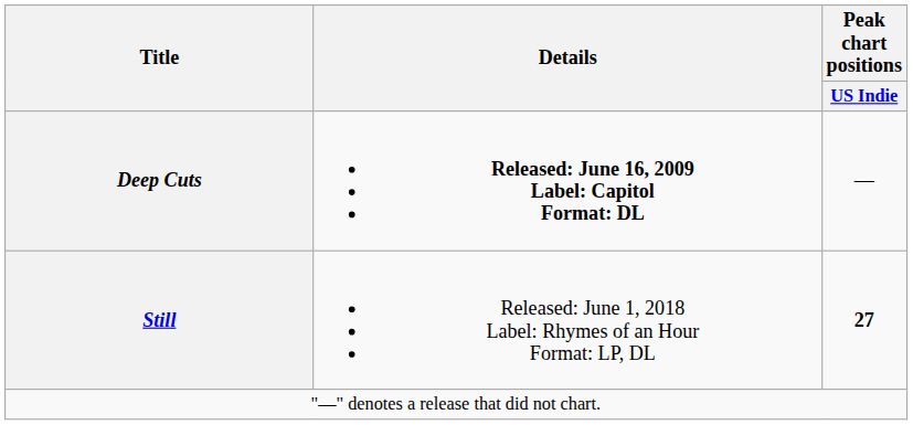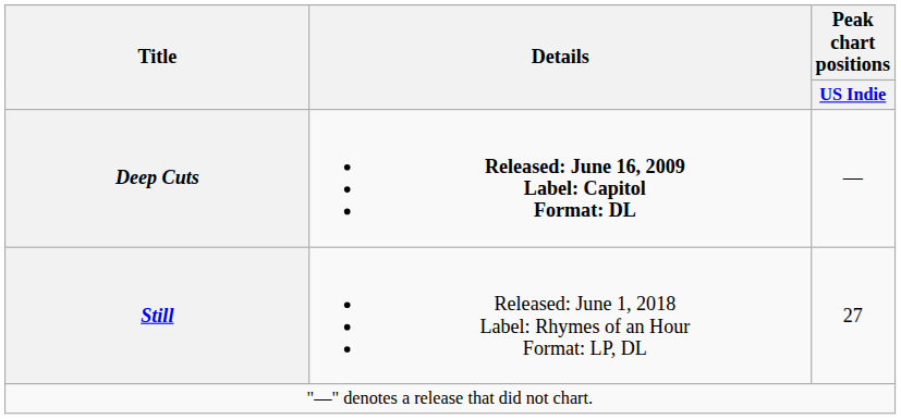 <table class="wikitable plainrowheaders" style="text-align:center;" border="1">
 <tr>
 <th scope="col" rowspan="2" style="width:15em;">Title</th>
 <th scope="col" rowspan="2" style="width:25em;">Details</th>
 <th scope="col" colspan="1" style="width:1em;">Peak chart<br>positions</th>
 </tr>
 <tr>
 <th scope="col" style="width:3em;font-size:90%;"><a href='#'>US Indie</a><br></th>
 </tr>
 <tr>
 <th scope="row"><em>Deep Cuts</em></th>
 <td><strong><br><ul><li>Released: June 16, 2009</li><li>Label: Capitol</li><li>Format: DL</li></ul></strong></td>
 <td>—</td>
 </tr>
 <tr>
 <th scope="row"><em><a href='#'>Still</a></em></th>
 <td><br><ul><li>Released: June 1, 2018</li><li>Label: Rhymes of an Hour</li><li>Format: LP, DL</li></ul></td>
-<td><strong>27</strong></td>
+<td>27</td>
 </tr>
 <tr>
 <td colspan="5" style="font-size:90%">"—" denotes a release that did not chart.</td>
 </tr>
 </table>
